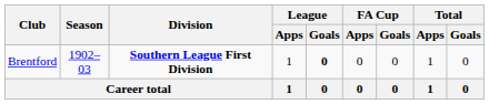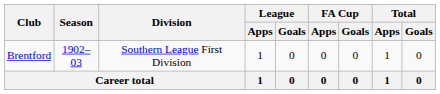 <table class="wikitable" style="text-align:center;">
 <tr>
 <th rowspan="2">Club</th>
 <th rowspan="2">Season</th>
 <th rowspan="2">Division</th>
 <th colspan="2">League</th>
 <th colspan="2">FA Cup</th>
 <th colspan="2">Total</th>
 </tr>
 <tr>
 <th>Apps</th>
 <th>Goals</th>
 <th>Apps</th>
 <th>Goals</th>
 <th>Apps</th>
 <th>Goals</th>
 </tr>
 <tr>
 <td><a href='#'>Brentford</a></td>
 <td><a href='#'>1902–03</a></td>
-<td><strong><a href='#'>Southern League</a> First Division</strong></td>
+<td><a href='#'>Southern League</a> First Division</td>
 <td>1</td>
-<td><strong>0</strong></td>
+<td>0</td>
 <td>0</td>
 <td>0</td>
 <td>1</td>
 <td>0</td>
 </tr>
 <tr>
 <th colspan="3">Career total</th>
 <th>1</th>
 <th>0</th>
 <th>0</th>
 <th>0</th>
 <th>1</th>
 <th>0</th>
 </tr>
 </table>
